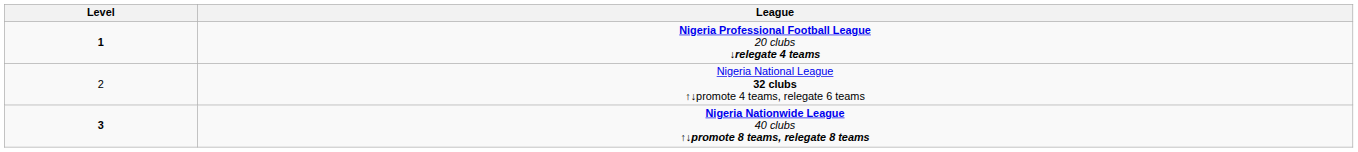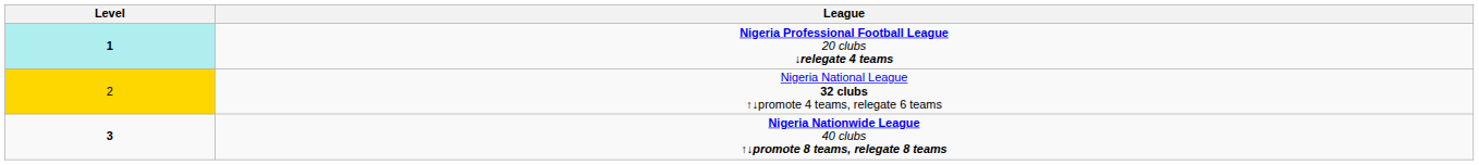 <table class="wikitable" style="text-align: center;" width="100%">
 <tr>
 <th>Level</th>
 <th>League</th>
 </tr>
 <tr>
-<td><strong>1</strong></td>
+<td style="background: paleturquoise;"><strong>1</strong></td>
 <td><strong><a href='#'>Nigeria Professional Football League</a></strong> <br><em>20 clubs</em><br><strong><em>↓<strong>relegate 4 teams<em></td>
 </tr>
 <tr>
-<td></strong>2<strong></td>
+<td style="background: gold;"></strong>2<strong></td>
 <td></strong><a href='#'>Nigeria National League</a><strong> <br></em>32 clubs<em><br></em></strong>↑↓</strong>promote 4 teams, relegate 6 teams</em></td>
 </tr>
 <tr>
 <td><strong>3</strong></td>
 <td><strong><a href='#'>Nigeria Nationwide League</a></strong> <br><em>40 clubs</em><br><strong><em>↑↓<strong>promote 8 teams, relegate 8 teams<em></td>
 </tr>
 </table>
